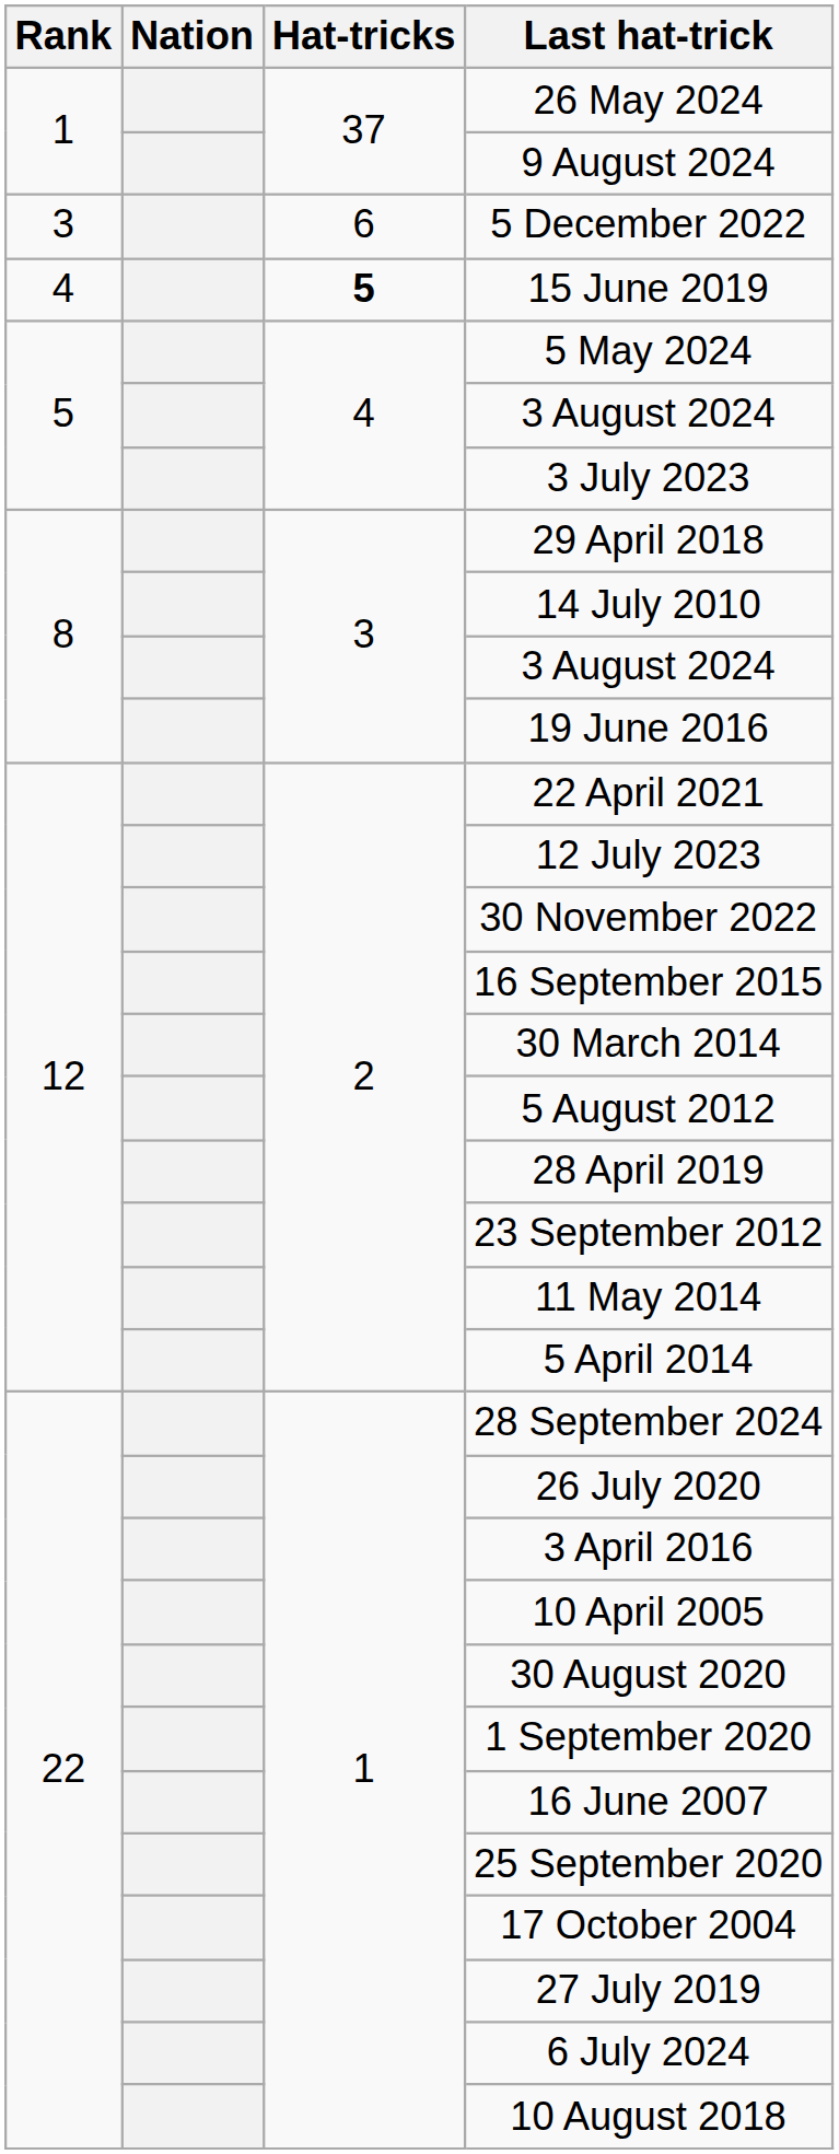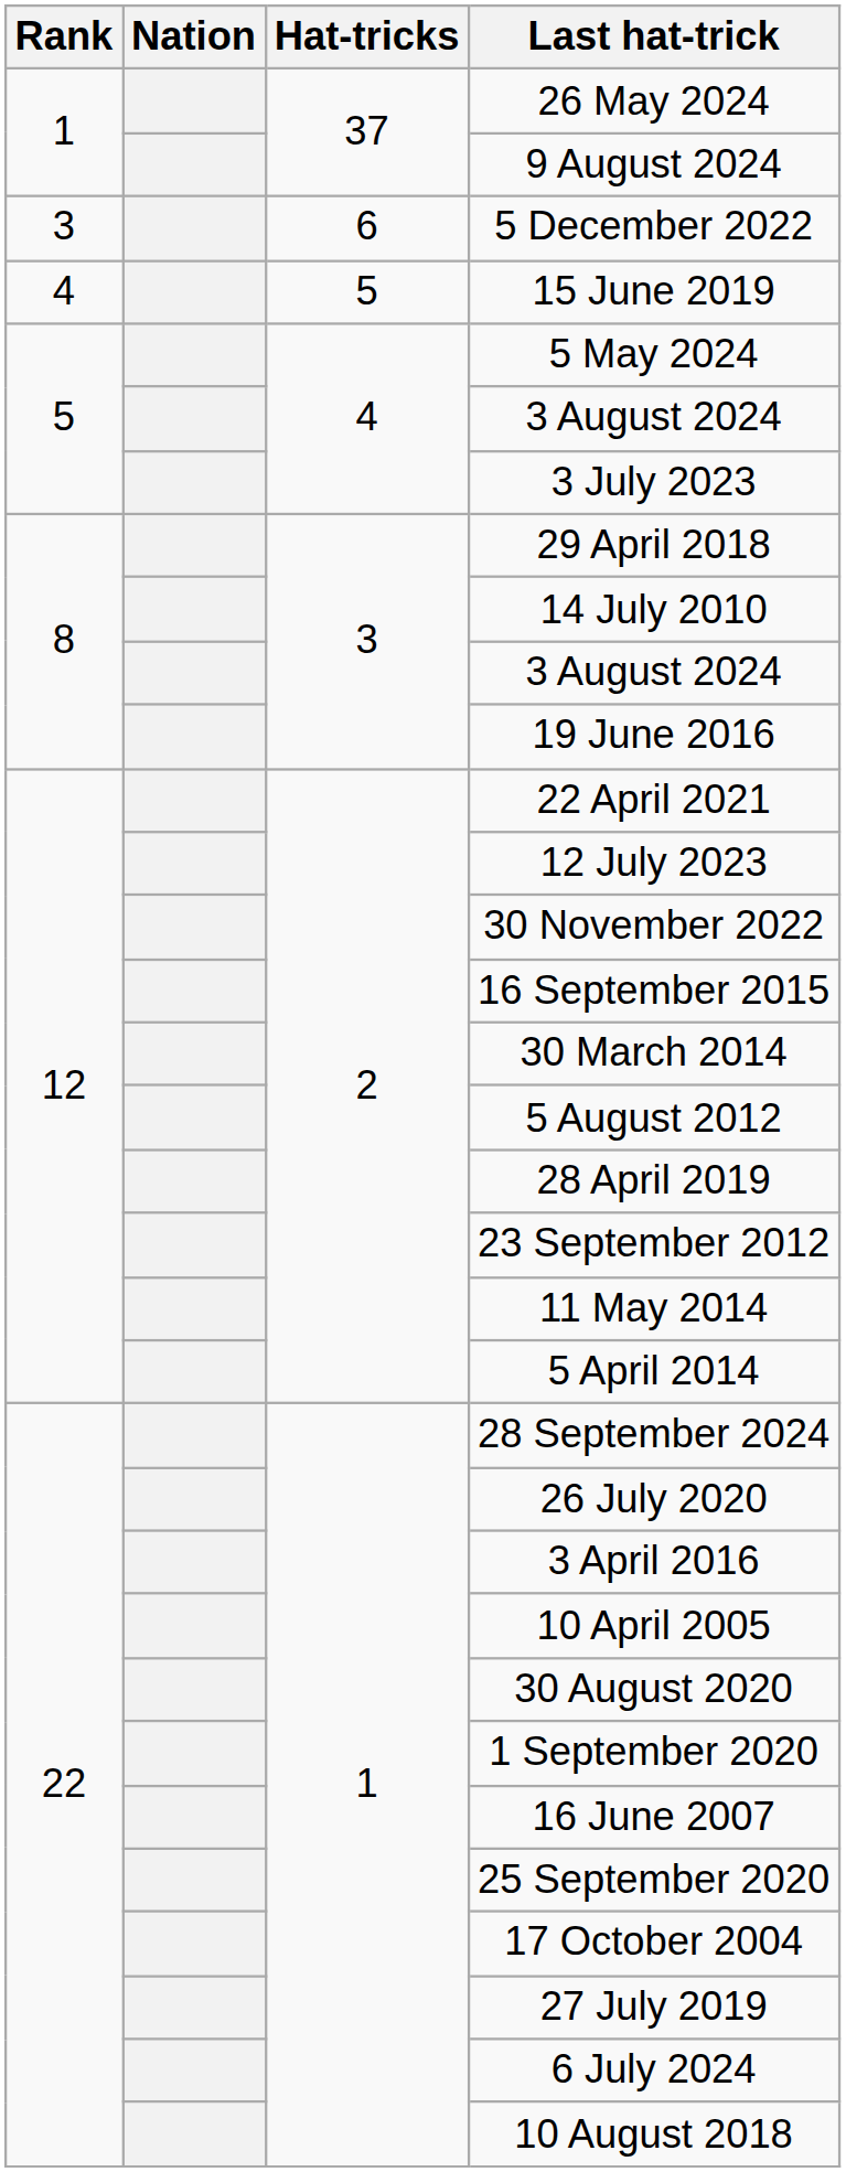 <table class="wikitable sortable plainrowheaders" style="text-align:center">
 <tr>
 <th scope="col">Rank</th>
 <th scope="col">Nation</th>
 <th scope="col">Hat-tricks</th>
 <th scope="col">Last hat-trick</th>
 </tr>
 <tr>
 <td rowspan="2" style="border-top:1px solid silver">1</td>
 <th scope="row"></th>
 <td rowspan="2">37</td>
 <td>26 May 2024</td>
 </tr>
 <tr>
 <th scope="row"></th>
 <td>9 August 2024</td>
 </tr>
 <tr>
 <td rowspan="1" style="border-top:1px solid silver">3</td>
 <th scope="row"></th>
 <td rowspan="1">6</td>
 <td>5 December 2022</td>
 </tr>
 <tr>
 <td rowspan="1" style="border-top:1px solid silver">4</td>
 <th scope="row"></th>
-<td rowspan="1"><strong>5</strong></td>
+<td rowspan="1">5</td>
 <td>15 June 2019</td>
 </tr>
 <tr>
 <td rowspan="3" style="border-top:1px solid silver">5</td>
 <th scope="row"></th>
 <td rowspan="3">4</td>
 <td>5 May 2024</td>
 </tr>
 <tr>
 <th scope="row"></th>
 <td>3 August 2024</td>
 </tr>
 <tr>
 <th scope="row"></th>
 <td>3 July 2023</td>
 </tr>
 <tr>
 <td rowspan="4" style="border-top:1px solid silver">8</td>
 <th scope="row"></th>
 <td rowspan="4">3</td>
 <td>29 April 2018</td>
 </tr>
 <tr>
 <th scope="row"></th>
 <td>14 July 2010</td>
 </tr>
 <tr>
 <th scope="row"></th>
 <td>3 August 2024</td>
 </tr>
 <tr>
 <th scope="row"></th>
 <td>19 June 2016</td>
 </tr>
 <tr>
 <td rowspan="10" style="border-top:1px solid silver">12</td>
 <th scope="row"></th>
 <td rowspan="10">2</td>
 <td>22 April 2021</td>
 </tr>
 <tr>
 <th scope="row"></th>
 <td>12 July 2023</td>
 </tr>
 <tr>
 <th scope="row"></th>
 <td>30 November 2022</td>
 </tr>
 <tr>
 <th scope="row"></th>
 <td>16 September 2015</td>
 </tr>
 <tr>
 <th scope="row"></th>
 <td>30 March 2014</td>
 </tr>
 <tr>
 <th scope="row"></th>
 <td>5 August 2012</td>
 </tr>
 <tr>
 <th scope="row"></th>
 <td>28 April 2019</td>
 </tr>
 <tr>
 <th scope="row"></th>
 <td>23 September 2012</td>
 </tr>
 <tr>
 <th scope="row"></th>
 <td>11 May 2014</td>
 </tr>
 <tr>
 <th scope="row"></th>
 <td>5 April 2014</td>
 </tr>
 <tr>
 <td rowspan="13" style="border-top:1px solid silver">22</td>
 <th scope="row"></th>
 <td rowspan="13">1</td>
 <td>28 September 2024</td>
 </tr>
 <tr>
 <th scope="row"></th>
 <td>26 July 2020</td>
 </tr>
 <tr>
 <th scope="row"></th>
 <td>3 April 2016</td>
 </tr>
 <tr>
 <th scope="row"></th>
 <td>10 April 2005</td>
 </tr>
 <tr>
 <th scope="row"></th>
 <td>30 August 2020</td>
 </tr>
 <tr>
 <th scope="row"></th>
 <td>1 September 2020</td>
 </tr>
 <tr>
 <th scope="row"></th>
 <td>16 June 2007</td>
 </tr>
 <tr>
 <th scope="row"></th>
 <td>25 September 2020</td>
 </tr>
 <tr>
 <th scope="row"></th>
 <td>17 October 2004</td>
 </tr>
 <tr>
 <th scope="row"></th>
 <td>27 July 2019</td>
 </tr>
 <tr>
 <th scope="row"></th>
 <td>6 July 2024</td>
 </tr>
 <tr>
 <th scope="row"></th>
 <td>10 August 2018</td>
 </tr>
 </table>
